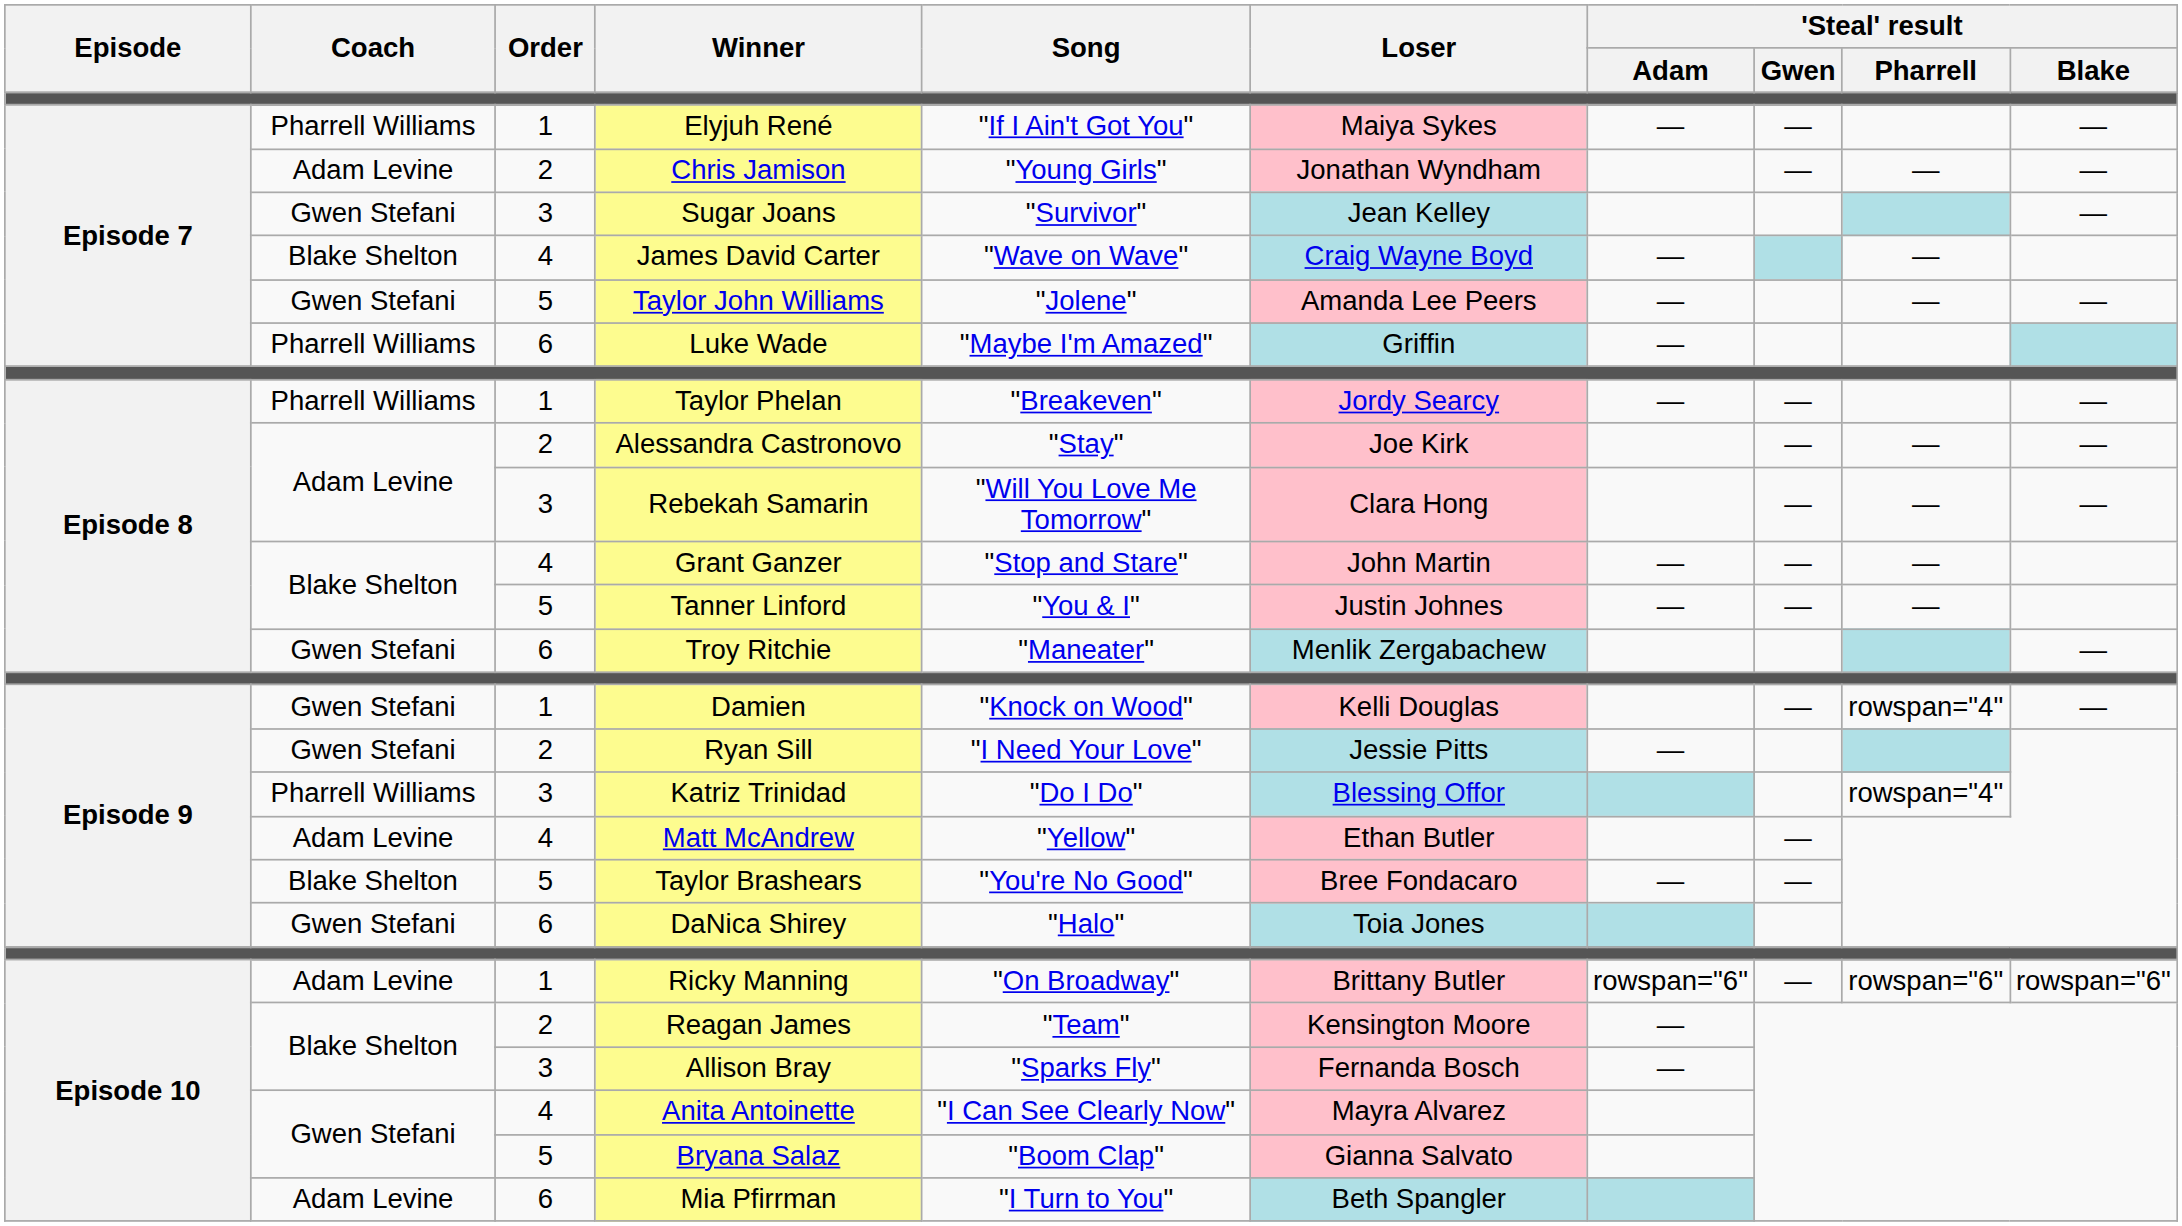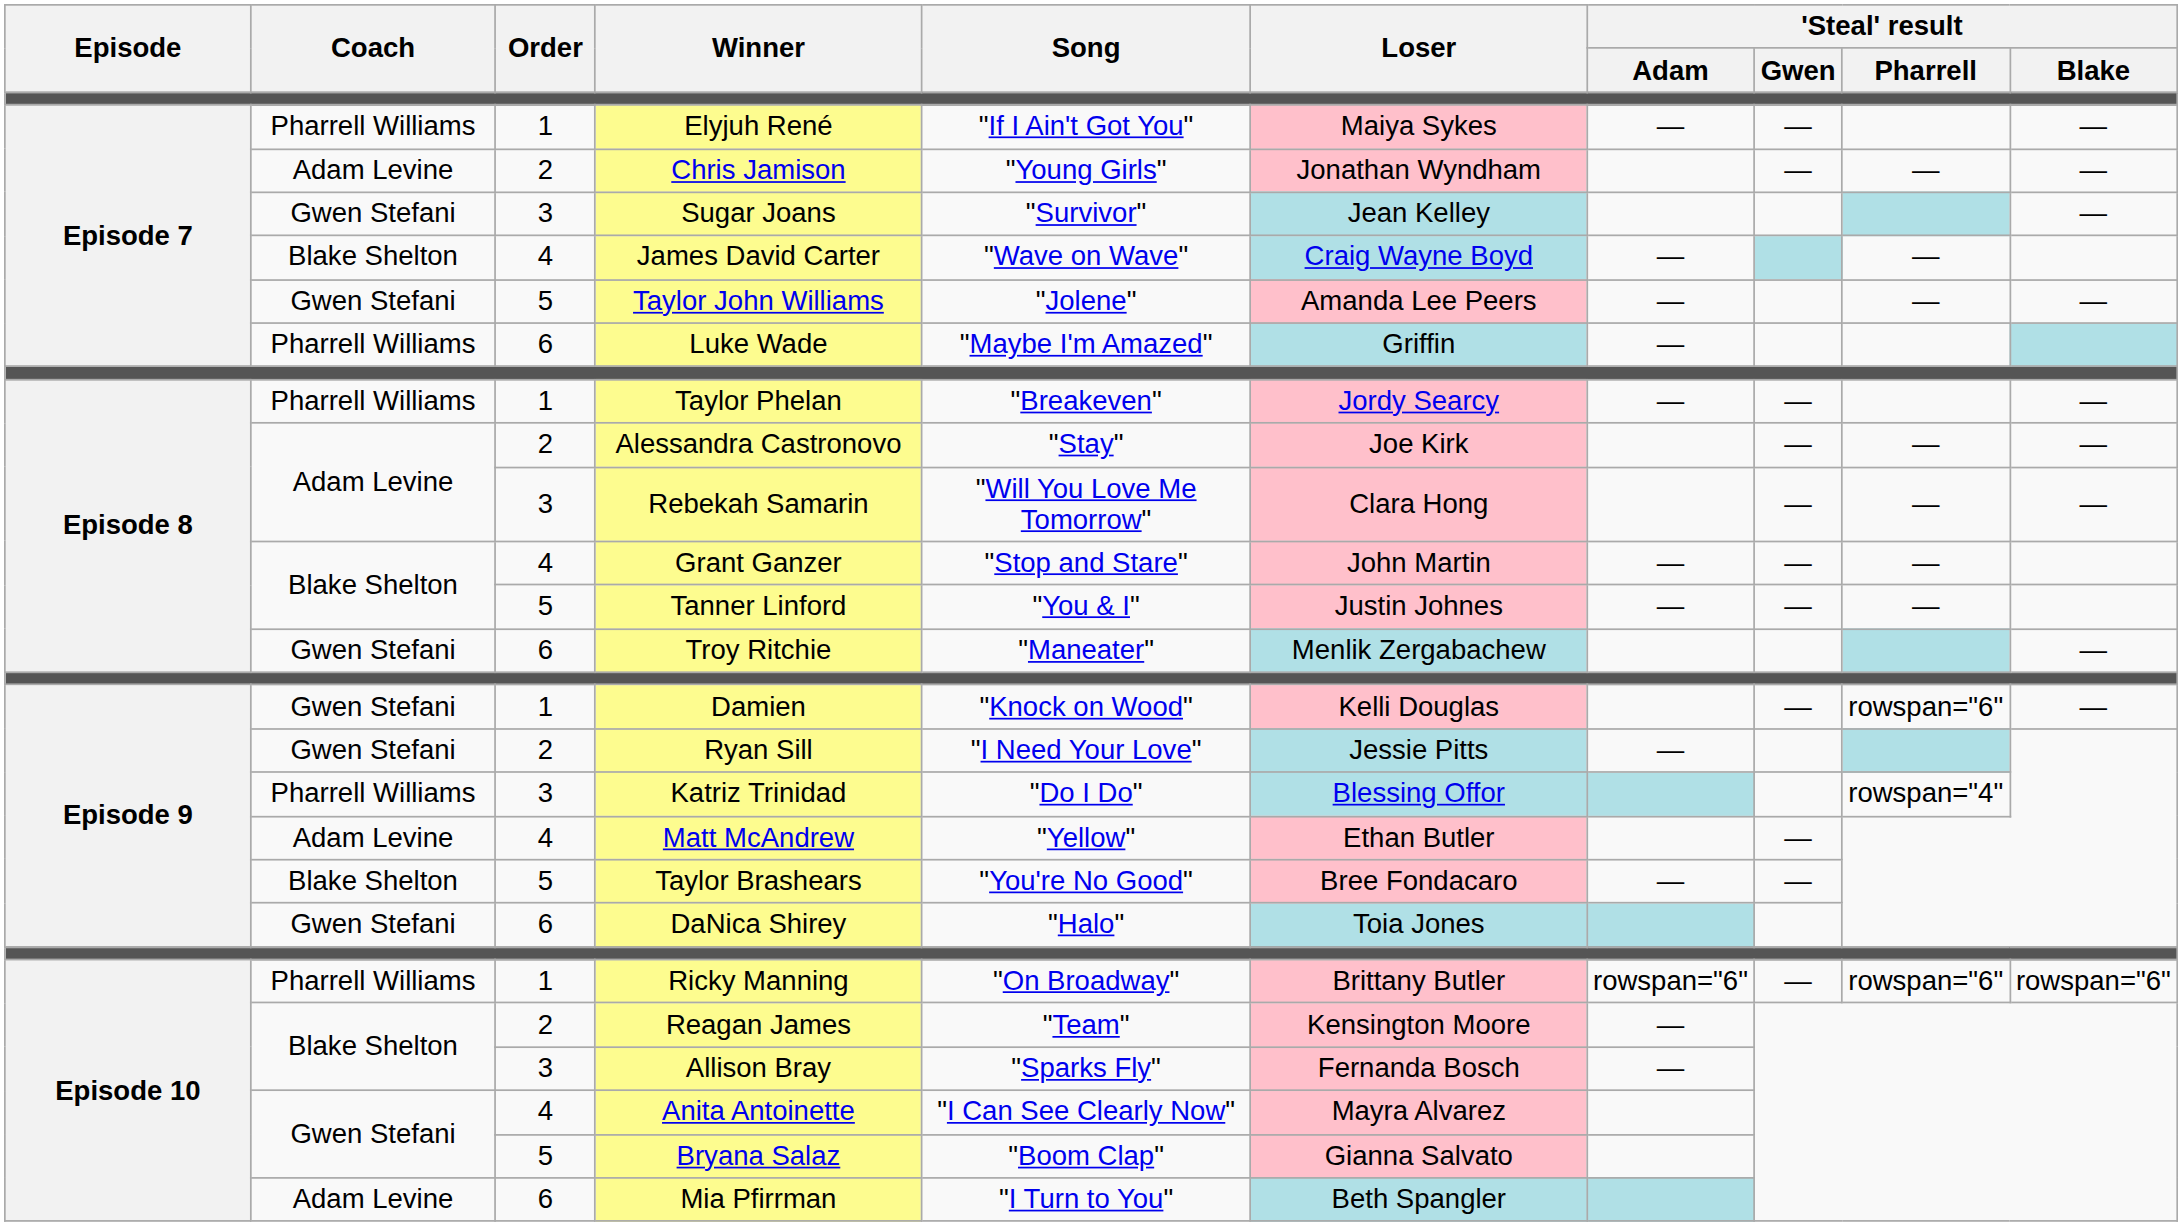 <table class="wikitable" style="text-align: center; width:100%;">
 <tr>
 <th rowspan="2" style="width:15%;">Episode</th>
 <th rowspan="2" style="width:15%;">Coach</th>
 <th rowspan="2" style="width:05%;">Order</th>
 <th rowspan="2" style="width:20%;">Winner</th>
 <th rowspan="2" style="width:20%;">Song</th>
 <th rowspan="2" style="width:20%;">Loser</th>
 <th colspan="4" style="width:20%;">'Steal' result</th>
 </tr>
 <tr>
 <th style="width:05%;">Adam</th>
 <th style="width:05%;">Gwen</th>
 <th style="width:05%;">Pharrell</th>
 <th style="width:05%;">Blake</th>
 </tr>
 <tr>
 <td colspan="10" style="background:#555;"></td>
 </tr>
 <tr>
 <th rowspan="6">Episode 7<br><small></small></th>
 <td>Pharrell Williams</td>
 <td>1</td>
 <td style="background:#fdfc8f;">Elyjuh René</td>
 <td>"<a href='#'>If I Ain't Got You</a>"</td>
 <td style="background:pink;">Maiya Sykes</td>
 <td>—</td>
 <td>—</td>
 <td></td>
 <td>—</td>
 </tr>
 <tr>
 <td>Adam Levine</td>
 <td>2</td>
 <td style="background:#fdfc8f;"><a href='#'>Chris Jamison</a></td>
 <td>"<a href='#'>Young Girls</a>"</td>
 <td style="background:pink;">Jonathan Wyndham</td>
 <td></td>
 <td>—</td>
 <td>—</td>
 <td>—</td>
 </tr>
 <tr>
 <td>Gwen Stefani</td>
 <td>3</td>
 <td style="background:#fdfc8f;">Sugar Joans</td>
 <td>"<a href='#'>Survivor</a>"</td>
 <td style="background:#B0E0E6;">Jean Kelley</td>
 <td><strong></strong></td>
 <td></td>
 <td style="background:#B0E0E6;"><strong></strong></td>
 <td>—</td>
 </tr>
 <tr>
 <td>Blake Shelton</td>
 <td>4</td>
 <td style="background:#fdfc8f;">James David Carter</td>
 <td>"<a href='#'>Wave on Wave</a>"</td>
 <td style="background:#B0E0E6;"><a href='#'>Craig Wayne Boyd</a></td>
 <td>—</td>
 <td style="background:#B0E0E6;"><strong></strong></td>
 <td>—</td>
 <td></td>
 </tr>
 <tr>
 <td>Gwen Stefani</td>
 <td>5</td>
 <td style="background:#fdfc8f;"><a href='#'>Taylor John Williams</a></td>
 <td>"<a href='#'>Jolene</a>"</td>
 <td style="background:pink;">Amanda Lee Peers</td>
 <td>—</td>
 <td></td>
 <td>—</td>
 <td>—</td>
 </tr>
 <tr>
 <td>Pharrell Williams</td>
 <td>6</td>
 <td style="background:#fdfc8f;">Luke Wade</td>
 <td>"<a href='#'>Maybe I'm Amazed</a>"</td>
 <td style="background:#B0E0E6;">Griffin</td>
 <td>—</td>
 <td><strong></strong></td>
 <td></td>
 <td style="background:#B0E0E6;"><strong></strong></td>
 </tr>
 <tr>
 <td colspan="10" style="background:#555;"></td>
 </tr>
 <tr>
 <th rowspan="6">Episode 8<br><small></small></th>
 <td>Pharrell Williams</td>
 <td>1</td>
 <td style="background:#fdfc8f;">Taylor Phelan</td>
 <td>"<a href='#'>Breakeven</a>"</td>
 <td style="background:pink;"><a href='#'>Jordy Searcy</a></td>
 <td>—</td>
 <td>—</td>
 <td></td>
 <td>—</td>
 </tr>
 <tr>
 <td rowspan="2">Adam Levine</td>
 <td>2</td>
 <td style="background:#fdfc8f;">Alessandra Castronovo</td>
 <td>"<a href='#'>Stay</a>"</td>
 <td style="background:pink;">Joe Kirk</td>
 <td></td>
 <td>—</td>
 <td>—</td>
 <td>—</td>
 </tr>
 <tr>
 <td>3</td>
 <td style="background:#fdfc8f;">Rebekah Samarin</td>
 <td>"<a href='#'>Will You Love Me Tomorrow</a>"</td>
 <td style="background:pink;">Clara Hong</td>
 <td></td>
 <td>—</td>
 <td>—</td>
 <td>—</td>
 </tr>
 <tr>
 <td rowspan="2">Blake Shelton</td>
 <td>4</td>
 <td style="background:#fdfc8f;">Grant Ganzer</td>
 <td>"<a href='#'>Stop and Stare</a>"</td>
 <td style="background:pink;">John Martin</td>
 <td>—</td>
 <td>—</td>
 <td>—</td>
 <td></td>
 </tr>
 <tr>
 <td>5</td>
 <td style="background:#fdfc8f;">Tanner Linford</td>
 <td>"<a href='#'>You & I</a>"</td>
 <td style="background:pink;">Justin Johnes</td>
 <td>—</td>
 <td>—</td>
 <td>—</td>
 <td></td>
 </tr>
 <tr>
 <td>Gwen Stefani</td>
 <td>6</td>
 <td style="background:#fdfc8f;">Troy Ritchie</td>
 <td>"<a href='#'>Maneater</a>"</td>
 <td style="background:#B0E0E6;">Menlik Zergabachew</td>
 <td><strong></strong></td>
 <td></td>
 <td style="background:#B0E0E6;"><strong></strong></td>
 <td>—</td>
 </tr>
 <tr>
 <td colspan="10" style="background:#555;"></td>
 </tr>
 <tr>
 <th rowspan="6">Episode 9<br><small></small></th>
 <td>Gwen Stefani</td>
 <td>1</td>
 <td style="background:#fdfc8f;">Damien</td>
 <td>"<a href='#'>Knock on Wood</a>"</td>
 <td style="background:pink;">Kelli Douglas</td>
 <td></td>
 <td>—</td>
-<td>rowspan="4" </td>
+<td>rowspan="6" </td>
 <td>—</td>
 </tr>
 <tr>
 <td>Gwen Stefani</td>
 <td>2</td>
 <td style="background:#fdfc8f;">Ryan Sill</td>
 <td>"<a href='#'>I Need Your Love</a>"</td>
 <td style="background:#B0E0E6;">Jessie Pitts</td>
 <td>—</td>
 <td></td>
 <td style="background:#B0E0E6;"><strong></strong></td>
 </tr>
 <tr>
 <td>Pharrell Williams</td>
 <td>3</td>
 <td style="background:#fdfc8f;">Katriz Trinidad</td>
 <td>"<a href='#'>Do I Do</a>"</td>
 <td style="background:#B0E0E6;"><a href='#'>Blessing Offor</a></td>
 <td style="background:#B0E0E6;"><strong></strong></td>
 <td><strong></strong></td>
 <td>rowspan="4" </td>
 </tr>
 <tr>
 <td>Adam Levine</td>
 <td>4</td>
 <td style="background:#fdfc8f;"><a href='#'>Matt McAndrew</a></td>
 <td>"<a href='#'>Yellow</a>"</td>
 <td style="background:pink;">Ethan Butler</td>
 <td></td>
 <td>—</td>
 </tr>
 <tr>
 <td>Blake Shelton</td>
 <td>5</td>
 <td style="background:#fdfc8f;">Taylor Brashears</td>
 <td>"<a href='#'>You're No Good</a>"</td>
 <td style="background:pink">Bree Fondacaro</td>
 <td>—</td>
 <td>—</td>
 </tr>
 <tr>
 <td>Gwen Stefani</td>
 <td>6</td>
 <td style="background:#fdfc8f;">DaNica Shirey</td>
 <td>"<a href='#'>Halo</a>"</td>
 <td style="background:#B0E0E6;">Toia Jones</td>
 <td style="background:#B0E0E6;"><strong></strong></td>
 <td><strong></strong></td>
 </tr>
 <tr>
 <td colspan="10" style="background:#555;"></td>
 </tr>
 <tr>
 <th rowspan="6">Episode 10<br><small></small></th>
-<td>Adam Levine</td>
+<td>Pharrell Williams</td>
 <td>1</td>
 <td style="background:#fdfc8f;">Ricky Manning</td>
 <td>"<a href='#'>On Broadway</a>"</td>
 <td style="background:pink;">Brittany Butler</td>
 <td>rowspan="6" </td>
 <td>—</td>
 <td>rowspan="6" </td>
 <td>rowspan="6" </td>
 </tr>
 <tr>
 <td rowspan="2">Blake Shelton</td>
 <td>2</td>
 <td style="background:#fdfc8f;">Reagan James</td>
 <td>"<a href='#'>Team</a>"</td>
 <td style="background:pink;">Kensington Moore</td>
 <td>—</td>
 </tr>
 <tr>
 <td>3</td>
 <td style="background:#fdfc8f;">Allison Bray</td>
 <td>"<a href='#'>Sparks Fly</a>"</td>
 <td style="background:pink;">Fernanda Bosch</td>
 <td>—</td>
 </tr>
 <tr>
 <td rowspan="2">Gwen Stefani</td>
 <td>4</td>
 <td style="background:#fdfc8f;"><a href='#'>Anita Antoinette</a></td>
 <td>"<a href='#'>I Can See Clearly Now</a>"</td>
 <td style="background:pink;">Mayra Alvarez</td>
 <td></td>
 </tr>
 <tr>
 <td>5</td>
 <td style="background:#fdfc8f;"><a href='#'>Bryana Salaz</a></td>
 <td>"<a href='#'>Boom Clap</a>"</td>
 <td style="background:pink;">Gianna Salvato</td>
 <td></td>
 </tr>
 <tr>
 <td>Adam Levine</td>
 <td>6</td>
 <td style="background:#fdfc8f;">Mia Pfirrman</td>
 <td>"<a href='#'>I Turn to You</a>"</td>
 <td style="background:#B0E0E6;">Beth Spangler</td>
 <td style="background:#B0E0E6;"><strong></strong></td>
 </tr>
 </table>
